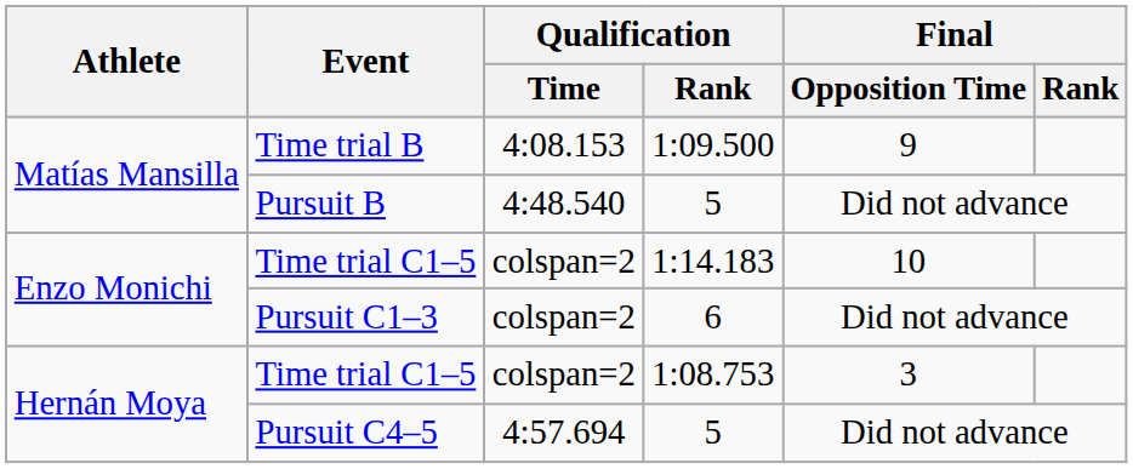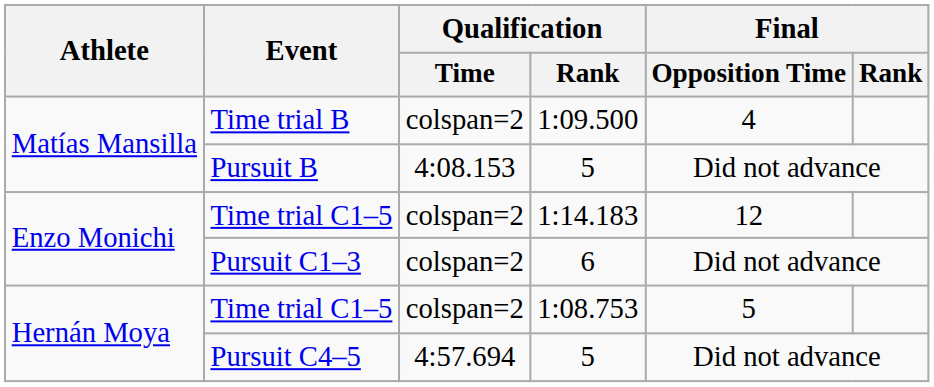 <table class=wikitable style="font-size:90%">
 <tr>
 <th rowspan="2">Athlete</th>
 <th rowspan="2">Event</th>
 <th colspan="2">Qualification</th>
 <th colspan="2">Final</th>
 </tr>
 <tr style="font-size:95%">
 <th>Time</th>
 <th>Rank</th>
 <th>Opposition Time</th>
 <th>Rank</th>
 </tr>
 <tr align=center>
 <td align=left rowspan=2><a href='#'>Matías Mansilla</a></td>
 <td align=left><a href='#'>Time trial B</a></td>
-<td>4:08.153</td>
+<td>colspan=2 </td>
 <td>1:09.500</td>
-<td>9</td>
+<td>4</td>
 </tr>
 <tr align=center>
 <td align=left><a href='#'>Pursuit B</a></td>
-<td>4:48.540</td>
+<td>4:08.153</td>
 <td>5</td>
 <td colspan=2>Did not advance</td>
 </tr>
 <tr align=center>
 <td align=left rowspan=2><a href='#'>Enzo Monichi</a></td>
 <td align=left><a href='#'>Time trial C1–5</a></td>
 <td>colspan=2 </td>
 <td>1:14.183</td>
-<td>10</td>
+<td>12</td>
 </tr>
 <tr align=center>
 <td align=left><a href='#'>Pursuit C1–3</a></td>
 <td>colspan=2 </td>
 <td>6</td>
 <td colspan=2>Did not advance</td>
 </tr>
 <tr align=center>
 <td align=left rowspan=2><a href='#'>Hernán Moya</a></td>
 <td align=left><a href='#'>Time trial C1–5</a></td>
 <td>colspan=2 </td>
 <td>1:08.753</td>
-<td>3</td>
+<td>5</td>
 </tr>
 <tr align=center>
 <td align=left><a href='#'>Pursuit C4–5</a></td>
 <td>4:57.694</td>
 <td>5</td>
 <td colspan=2>Did not advance</td>
 </tr>
 </table>
